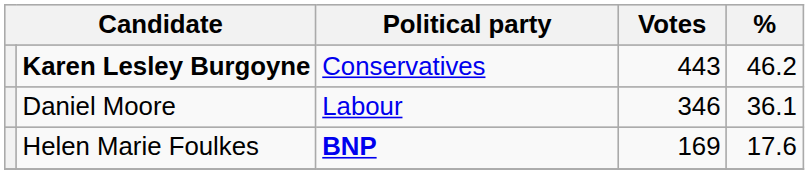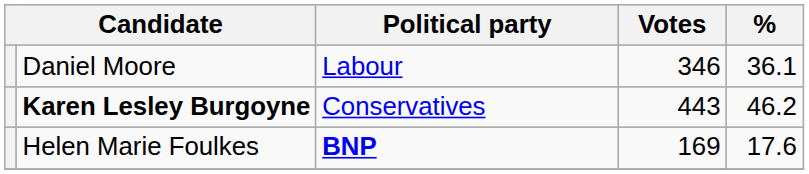 <table class="wikitable">
 <tr>
 <th valign=top colspan="2" style="width: 180px">Candidate</th>
 <th valign=top style="width: 180px">Political party</th>
 <th valign=top style="width: 60px">Votes</th>
 <th valign=top style="width: 40px">%</th>
 </tr>
 <tr>
 <th style="background-color: "></th>
+<td>Daniel Moore</td>
+<td><a href='#'>Labour</a></td>
+<td align="right">346</td>
+<td align="right">36.1</td>
+</tr>
+<tr>
+<th style="background-color: "></th>
 <td><strong>Karen Lesley Burgoyne</strong></td>
 <td><a href='#'>Conservatives</a></td>
 <td align="right">443</td>
 <td align="right">46.2</td>
-</tr>
-<tr>
-<th style="background-color: "></th>
-<td>Daniel Moore</td>
-<td><a href='#'>Labour</a></td>
-<td align="right">346</td>
-<td align="right">36.1</td>
 </tr>
 <tr>
 <th style="background-color: "></th>
 <td>Helen Marie Foulkes</td>
 <td><strong><a href='#'>BNP</a></strong></td>
 <td align="right">169</td>
 <td align="right">17.6</td>
 </tr>
 <tr>
 </tr>
 </table>
